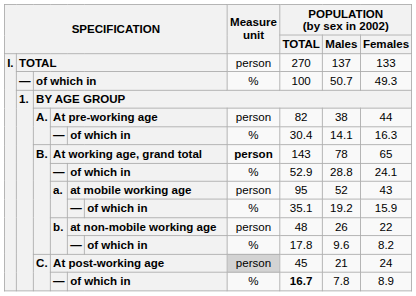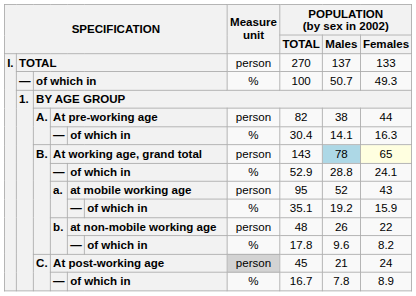 <table class="wikitable" style="font-size:85%; text-align:center">
 <tr>
 <th rowspan="2" colspan="6">SPECIFICATION</th>
 <th rowspan="2">Measure<br> unit</th>
 <th colspan="3" rowspan="1">POPULATION<br> (by sex in 2002)</th>
 </tr>
 <tr>
 <th>TOTAL</th>
 <th>Males</th>
 <th>Females</th>
 </tr>
 <tr>
 <th style="text-align:left" valign="top" rowspan="13">I.</th>
 <th style="text-align:left" colspan="5">TOTAL</th>
 <td>person</td>
 <td>270</td>
 <td>137</td>
 <td>133</td>
 </tr>
 <tr>
 <th style="text-align:left" valign="top">—</th>
 <th style="text-align:left" colspan="4">of which in</th>
 <td>%</td>
 <td>100</td>
 <td>50.7</td>
 <td>49.3</td>
 </tr>
 <tr>
 <th style="text-align:left" valign="top" rowspan="11">1.</th>
 <th style="text-align:left" colspan="19">BY AGE GROUP</th>
 </tr>
 <tr>
 <th style="text-align:left" valign="top" rowspan="2">A.</th>
 <th style="text-align:left" colspan="3">At pre-working age</th>
 <td>person</td>
 <td>82</td>
 <td>38</td>
 <td>44</td>
 </tr>
 <tr>
 <th style="text-align:left" valign="top">—</th>
 <th style="text-align:left" valign="top" colspan="2">of which in</th>
 <td>%</td>
 <td>30.4</td>
 <td>14.1</td>
 <td>16.3</td>
 </tr>
 <tr>
 <th style="text-align:left" valign="top" rowspan="6">B.</th>
 <th style="text-align:left" colspan="3">At working age, grand total</th>
-<td><strong>person</strong></td>
+<td>person</td>
 <td>143</td>
-<td>78</td>
-<td>65</td>
+<td style="background: lightblue;">78</td>
+<td style="background: lightyellow;">65</td>
 </tr>
 <tr>
 <th style="text-align:left" valign="top">—</th>
 <th style="text-align:left" valign="top" colspan="2">of which in</th>
 <td>%</td>
 <td>52.9</td>
 <td>28.8</td>
 <td>24.1</td>
 </tr>
 <tr>
 <th style="text-align:left" valign="top" rowspan="2">a.</th>
 <th style="text-align:left" colspan="2">at mobile working age</th>
 <td>person</td>
 <td>95</td>
 <td>52</td>
 <td>43</td>
 </tr>
 <tr>
 <th style="text-align:left" valign="top">—</th>
 <th style="text-align:left" valign="top" colspan="1">of which in                        </th>
 <td>%</td>
 <td>35.1</td>
 <td>19.2</td>
 <td>15.9</td>
 </tr>
 <tr>
 <th style="text-align:left" valign="top" rowspan="2">b.</th>
 <th style="text-align:left" colspan="2">at non-mobile working age</th>
 <td>person</td>
 <td>48</td>
 <td>26</td>
 <td>22</td>
 </tr>
 <tr>
 <th style="text-align:left" valign="top">—</th>
 <th style="text-align:left" valign="top" colspan="1">of which in                        </th>
 <td>%</td>
 <td>17.8</td>
 <td>9.6</td>
 <td>8.2</td>
 </tr>
 <tr>
 <th style="text-align:left" valign="top" rowspan="2">C.</th>
 <th style="text-align:left" colspan="3">At post-working age</th>
 <td style="background: lightgrey;">person</td>
 <td>45</td>
 <td>21</td>
 <td>24</td>
 </tr>
 <tr>
 <th style="text-align:left" valign="top">—</th>
 <th style="text-align:left" valign="top" colspan="2">of which in</th>
 <td>%</td>
-<td><strong>16.7</strong></td>
+<td>16.7</td>
 <td>7.8</td>
 <td>8.9</td>
 </tr>
 </table>
